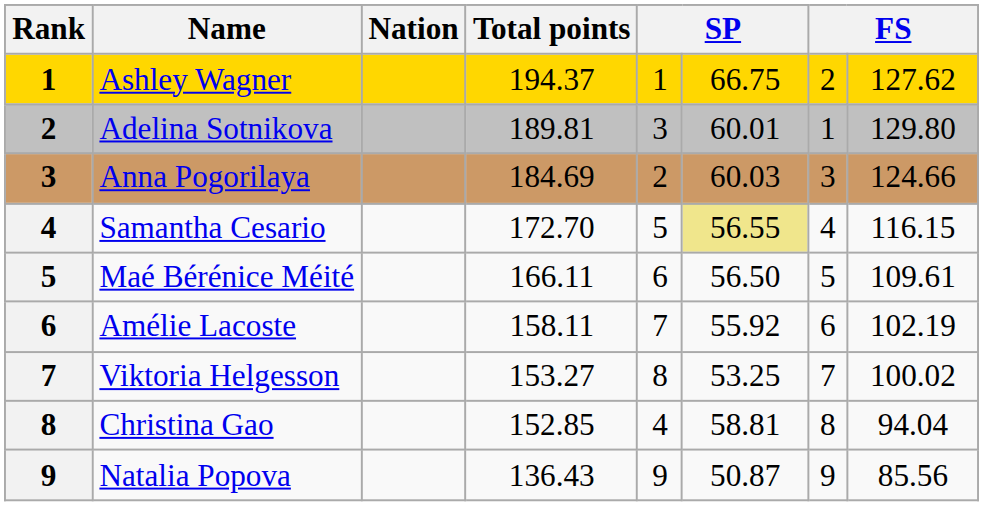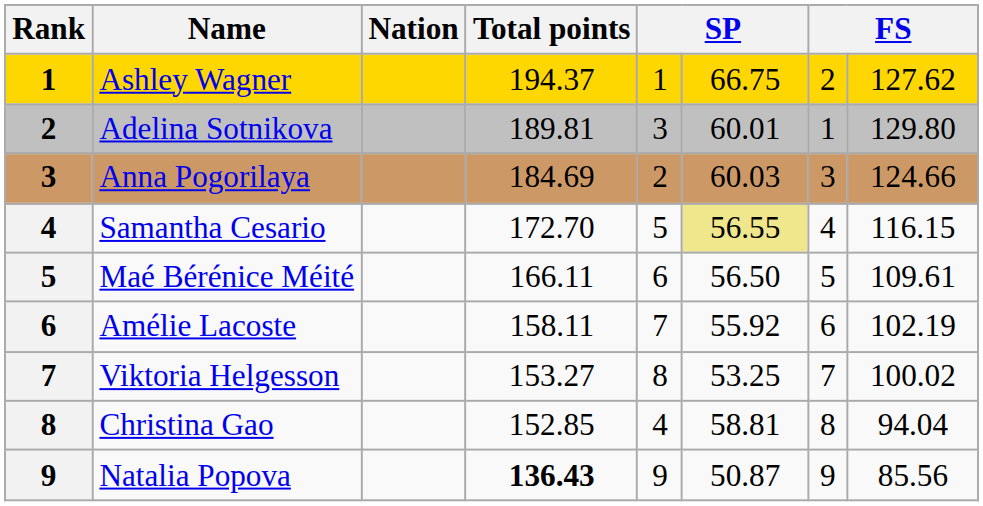 <table class="wikitable sortable">
 <tr>
 <th>Rank</th>
 <th>Name</th>
 <th>Nation</th>
 <th>Total points</th>
 <th colspan="2" width="80px"><a href='#'>SP</a></th>
 <th colspan="2" width="80px"><a href='#'>FS</a></th>
 </tr>
 <tr bgcolor="gold">
 <td align="center"><strong>1</strong></td>
 <td><a href='#'>Ashley Wagner</a></td>
 <td></td>
 <td align="center">194.37</td>
 <td align="center">1</td>
 <td align="center">66.75</td>
 <td align="center">2</td>
 <td align="center">127.62</td>
 </tr>
 <tr bgcolor="silver">
 <td align="center"><strong>2</strong></td>
 <td><a href='#'>Adelina Sotnikova</a></td>
 <td></td>
 <td align="center">189.81</td>
 <td align="center">3</td>
 <td align="center">60.01</td>
 <td align="center">1</td>
 <td align="center">129.80</td>
 </tr>
 <tr bgcolor="cc9966">
 <td align="center"><strong>3</strong></td>
 <td><a href='#'>Anna Pogorilaya</a></td>
 <td></td>
 <td align="center">184.69</td>
 <td align="center">2</td>
 <td align="center">60.03</td>
 <td align="center">3</td>
 <td align="center">124.66</td>
 </tr>
 <tr>
 <th>4</th>
 <td><a href='#'>Samantha Cesario</a></td>
 <td></td>
 <td align="center">172.70</td>
 <td align="center">5</td>
 <td align="center" style="background: khaki;">56.55</td>
 <td align="center">4</td>
 <td align="center">116.15</td>
 </tr>
 <tr>
 <th>5</th>
 <td><a href='#'>Maé Bérénice Méité</a></td>
 <td></td>
 <td align="center">166.11</td>
 <td align="center">6</td>
 <td align="center">56.50</td>
 <td align="center">5</td>
 <td align="center">109.61</td>
 </tr>
 <tr>
 <th>6</th>
 <td><a href='#'>Amélie Lacoste</a></td>
 <td></td>
 <td align="center">158.11</td>
 <td align="center">7</td>
 <td align="center">55.92</td>
 <td align="center">6</td>
 <td align="center">102.19</td>
 </tr>
 <tr>
 <th>7</th>
 <td><a href='#'>Viktoria Helgesson</a></td>
 <td></td>
 <td align="center">153.27</td>
 <td align="center">8</td>
 <td align="center">53.25</td>
 <td align="center">7</td>
 <td align="center">100.02</td>
 </tr>
 <tr>
 <th>8</th>
 <td><a href='#'>Christina Gao</a></td>
 <td></td>
 <td align="center">152.85</td>
 <td align="center">4</td>
 <td align="center">58.81</td>
 <td align="center">8</td>
 <td align="center">94.04</td>
 </tr>
 <tr>
 <th>9</th>
 <td><a href='#'>Natalia Popova</a></td>
 <td></td>
-<td align="center">136.43</td>
+<td align="center"><strong>136.43</strong></td>
 <td align="center">9</td>
 <td align="center">50.87</td>
 <td align="center">9</td>
 <td align="center">85.56</td>
 </tr>
 </table>
